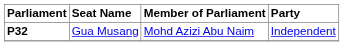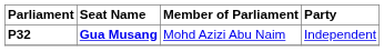 <table class="toccolours sortable" border="1" cellpadding="3" style="border-collapse:collapse; text-align: left;">
 <tr>
 <th align="center">Parliament</th>
 <th>Seat Name</th>
 <th>Member of Parliament</th>
 <th>Party</th>
 </tr>
 <tr>
 <th align="left">P32</th>
-<td><a href='#'>Gua Musang</a></td>
+<td><strong><a href='#'>Gua Musang</a></strong></td>
 <td><a href='#'>Mohd Azizi Abu Naim</a></td>
 <td><a href='#'>Independent</a></td>
 </tr>
 <tr>
 </tr>
 </table>
